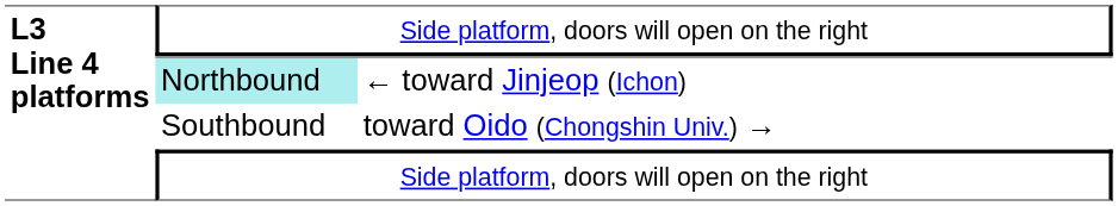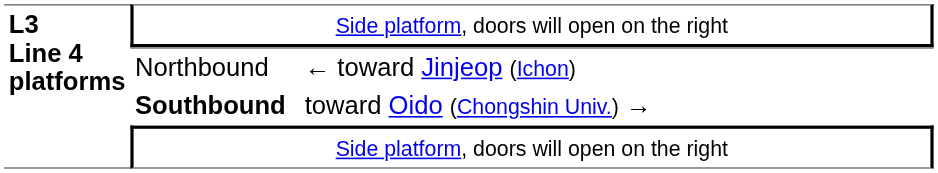 <table table border=0 cellspacing=0 cellpadding=3>
 <tr>
 <td style="border-top:solid 1px gray;border-bottom:solid 1px gray;" width=50 rowspan=10 valign=top><strong>L3<br>Line 4 platforms</strong></td>
 <td style="border-top:solid 1px gray;border-right:solid 2px black;border-left:solid 2px black;border-bottom:solid 2px black;text-align:center;" colspan=2><small><a href='#'>Side platform</a>, doors will open on the right</small></td>
 </tr>
 <tr>
-<td style="background: paleturquoise; border-bottom:solid 0px gray;border-top:solid 1px gray;" width=100>Northbound</td>
+<td style="border-bottom:solid 0px gray;border-top:solid 1px gray;" width=100>Northbound</td>
 <td style="border-bottom:solid 0px gray;border-top:solid 1px gray;" width=390>←  toward <a href='#'>Jinjeop</a> <small>(<a href='#'>Ichon</a>)</small></td>
 </tr>
 <tr>
-<td>Southbound</td>
+<td><strong>Southbound</strong></td>
 <td>  toward <a href='#'>Oido</a> <small>(<a href='#'>Chongshin Univ.</a>)</small> →</td>
 </tr>
 <tr>
 <td style="border-top:solid 2px black;border-right:solid 2px black;border-left:solid 2px black;border-bottom:solid 1px gray;text-align:center;" colspan=2><small><a href='#'>Side platform</a>, doors will open on the right</small></td>
 </tr>
 </table>
